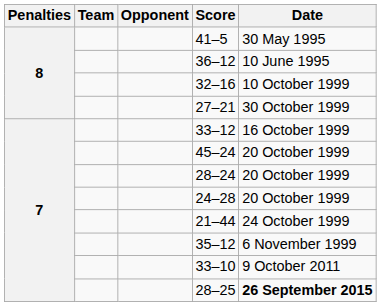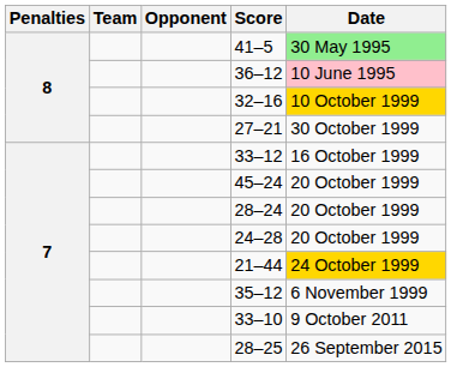 <table class="wikitable">
 <tr>
 <th>Penalties</th>
 <th>Team</th>
 <th>Opponent</th>
 <th>Score</th>
 <th>Date</th>
 </tr>
 <tr>
 <th rowspan=4>8</th>
 <td></td>
 <td></td>
 <td>41–5</td>
-<td>30 May 1995</td>
+<td style="background: lightgreen;">30 May 1995</td>
 </tr>
 <tr>
 <td></td>
 <td></td>
 <td>36–12</td>
-<td>10 June 1995</td>
+<td style="background: pink;">10 June 1995</td>
 </tr>
 <tr>
 <td></td>
 <td></td>
 <td>32–16</td>
-<td>10 October 1999</td>
+<td style="background: gold;">10 October 1999</td>
 </tr>
 <tr>
 <td></td>
 <td></td>
 <td>27–21</td>
 <td>30 October 1999</td>
 </tr>
 <tr>
 <th rowspan=8>7</th>
 <td></td>
 <td></td>
 <td>33–12</td>
 <td>16 October 1999</td>
 </tr>
 <tr>
 <td></td>
 <td></td>
 <td>45–24</td>
 <td>20 October 1999</td>
 </tr>
 <tr>
 <td></td>
 <td></td>
 <td>28–24</td>
 <td>20 October 1999</td>
 </tr>
 <tr>
 <td></td>
 <td></td>
 <td>24–28</td>
 <td>20 October 1999</td>
 </tr>
 <tr>
 <td></td>
 <td></td>
 <td>21–44</td>
-<td>24 October 1999</td>
+<td style="background: gold;">24 October 1999</td>
 </tr>
 <tr>
 <td></td>
 <td></td>
 <td>35–12</td>
 <td>6 November 1999</td>
 </tr>
 <tr>
 <td></td>
 <td></td>
 <td>33–10</td>
 <td>9 October 2011</td>
 </tr>
 <tr>
 <td></td>
 <td></td>
 <td>28–25</td>
-<td><strong>26 September 2015</strong></td>
+<td>26 September 2015</td>
 </tr>
 </table>
